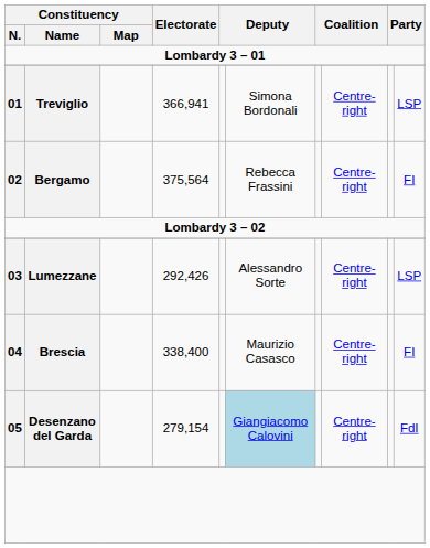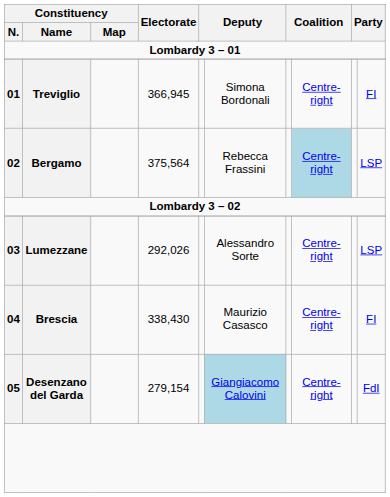 <table class="wikitable" style="text-align:center; style="width=60%">
 <tr>
 <th width=25% colspan="3">Constituency</th>
 <th width=10% rowspan="2">Electorate</th>
 <th width=25% colspan="2" rowspan="2">Deputy</th>
 <th width=20% colspan="2" rowspan="2">Coalition</th>
 <th width=10% colspan="2" rowspan="2">Party</th>
 </tr>
 <tr>
 <th width=1%>N.</th>
 <th width=18%>Name</th>
 <th width=18%>Map</th>
 </tr>
 <tr>
 <td colspan=10 align=center><strong>Lombardy 3 – 01</strong></td>
 </tr>
 <tr>
 </tr>
 <tr style="height:6em;">
 <th>01</th>
 <th>Treviglio</th>
 <td></td>
-<td>366,941</td>
+<td>366,945</td>
 <td></td>
 <td>Simona Bordonali</td>
 <td style="background:"></td>
 <td><a href='#'>Centre-right</a></td>
 <td style="background:"></td>
-<td><a href='#'>LSP</a></td>
+<td><a href='#'>FI</a></td>
 </tr>
 <tr style="height:6em;">
 <th>02</th>
 <th>Bergamo</th>
 <td></td>
 <td>375,564</td>
 <td></td>
 <td>Rebecca Frassini</td>
 <td style="background:"></td>
-<td><a href='#'>Centre-right</a></td>
+<td style="background: lightblue;"><a href='#'>Centre-right</a></td>
 <td style="background:"></td>
-<td><a href='#'>FI</a></td>
+<td><a href='#'>LSP</a></td>
 </tr>
 <tr>
 <td colspan=10 align=center><strong>Lombardy 3 – 02</strong></td>
 </tr>
 <tr>
 </tr>
 <tr style="height:6em;">
 <th>03</th>
 <th>Lumezzane</th>
 <td></td>
-<td>292,426</td>
+<td>292,026</td>
 <td></td>
 <td>Alessandro Sorte</td>
 <td style="background:"></td>
 <td><a href='#'>Centre-right</a></td>
 <td style="background:"></td>
 <td><a href='#'>LSP</a></td>
 </tr>
 <tr style="height:6em;">
 <th>04</th>
 <th>Brescia</th>
 <td></td>
-<td>338,400</td>
+<td>338,430</td>
 <td></td>
 <td>Maurizio Casasco</td>
 <td style="background:"></td>
 <td><a href='#'>Centre-right</a></td>
 <td style="background:"></td>
 <td><a href='#'>FI</a></td>
 </tr>
 <tr style="height:6em;">
 <th>05</th>
 <th>Desenzano del Garda</th>
 <td></td>
 <td>279,154</td>
 <td></td>
 <td style="background: lightblue;"><a href='#'>Giangiacomo Calovini</a></td>
 <td style="background:"></td>
 <td><a href='#'>Centre-right</a></td>
 <td style="background:"></td>
 <td><a href='#'>FdI</a></td>
 </tr>
 <tr style="height:6em;">
 </tr>
 </table>
